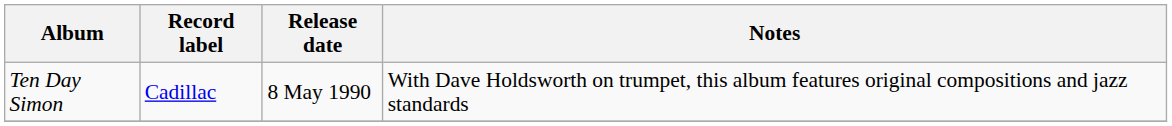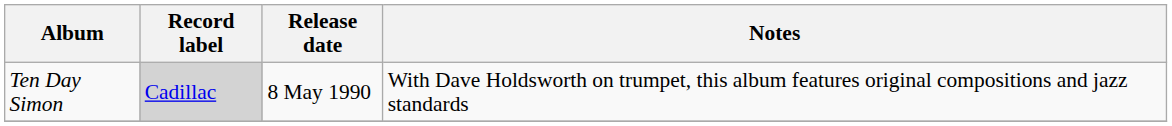 <table class="wikitable">
 <tr>
 <th>Album</th>
 <th>Record label</th>
 <th>Release date</th>
 <th>Notes</th>
 </tr>
 <tr>
 <td><em>Ten Day Simon</em></td>
-<td><a href='#'>Cadillac</a></td>
+<td style="background: lightgrey;"><a href='#'>Cadillac</a></td>
 <td>8 May 1990</td>
 <td>With Dave Holdsworth on trumpet, this album features original compositions and jazz standards</td>
 </tr>
 <tr>
 </tr>
 </table>
